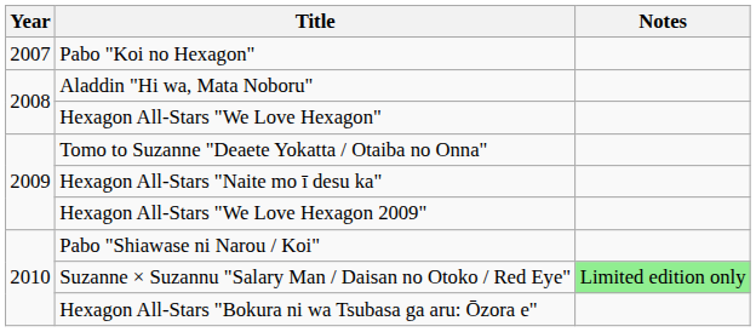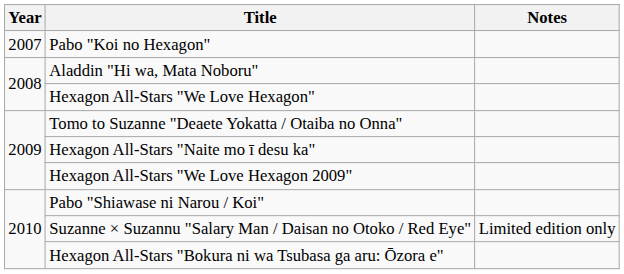 <table class="wikitable">
 <tr>
 <th>Year</th>
 <th>Title</th>
 <th>Notes</th>
 </tr>
 <tr>
 <td>2007</td>
 <td>Pabo "Koi no Hexagon"</td>
 <td></td>
 </tr>
 <tr>
 <td rowspan="2">2008</td>
 <td>Aladdin "Hi wa, Mata Noboru"</td>
 <td></td>
 </tr>
 <tr>
 <td>Hexagon All-Stars "We Love Hexagon"</td>
 <td></td>
 </tr>
 <tr>
 <td rowspan="3">2009</td>
 <td>Tomo to Suzanne "Deaete Yokatta / Otaiba no Onna"</td>
 <td></td>
 </tr>
 <tr>
 <td>Hexagon All-Stars "Naite mo ī desu ka"</td>
 <td></td>
 </tr>
 <tr>
 <td>Hexagon All-Stars "We Love Hexagon 2009"</td>
 <td></td>
 </tr>
 <tr>
 <td rowspan="3">2010</td>
 <td>Pabo "Shiawase ni Narou / Koi"</td>
 <td></td>
 </tr>
 <tr>
 <td>Suzanne × Suzannu "Salary Man / Daisan no Otoko / Red Eye"</td>
-<td style="background: lightgreen;">Limited edition only</td>
+<td>Limited edition only</td>
 </tr>
 <tr>
 <td>Hexagon All-Stars "Bokura ni wa Tsubasa ga aru: Ōzora e"</td>
 <td></td>
 </tr>
 </table>
